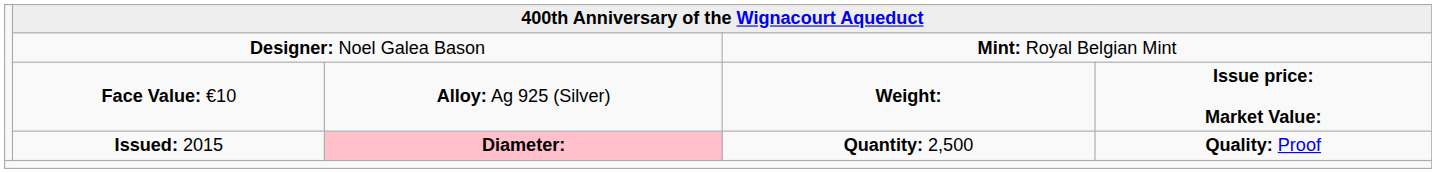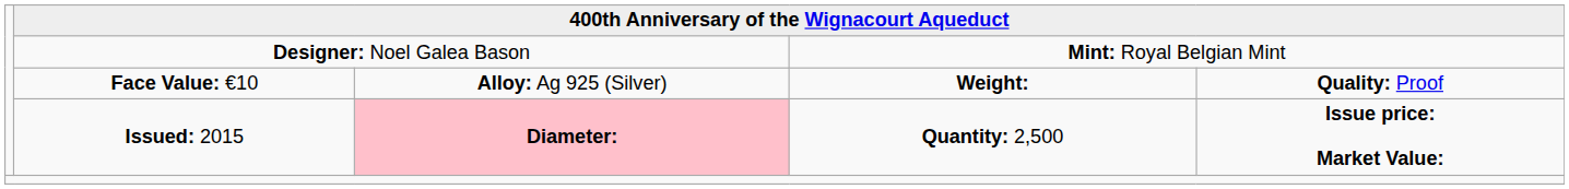 <table class="wikitable" width=100%>
 <tr>
 <td rowspan=4 width="330px" nowrap align=center></td>
 <th colspan="4" align=center style="background:#eeeeee;">400th Anniversary of the <a href='#'>Wignacourt Aqueduct</a></th>
 </tr>
 <tr>
 <td colspan="2" width="50%" align=center><strong>Designer:</strong> Noel Galea Bason</td>
 <td colspan="2" width="50%" align=center><strong>Mint:</strong> Royal Belgian Mint</td>
 </tr>
 <tr>
 <td align=center><strong>Face Value:</strong> €10</td>
 <td align=center><strong>Alloy:</strong> Ag 925 (Silver)</td>
 <td align=center><strong>Weight:</strong> </td>
-<td align=center><strong>Issue price:</strong><br><br> <strong>Market Value:</strong></td>
+<td align=center><strong>Quality:</strong> <a href='#'>Proof</a></td>
 </tr>
 <tr>
 <td align=center><strong>Issued:</strong> 2015</td>
 <td align=center style="background: pink;"><strong>Diameter:</strong> </td>
 <td align=center><strong>Quantity:</strong> 2,500</td>
-<td align=center><strong>Quality:</strong> <a href='#'>Proof</a></td>
+<td align=center><strong>Issue price:</strong><br><br> <strong>Market Value:</strong></td>
 </tr>
 <tr>
 <td colspan="5" align=left></td>
 </tr>
 </table>
